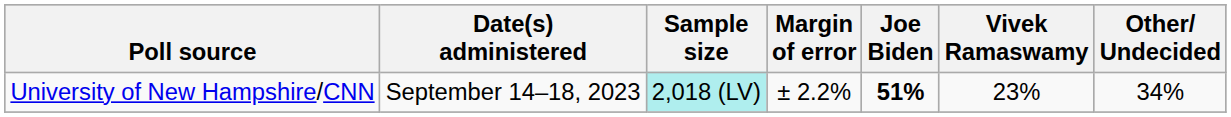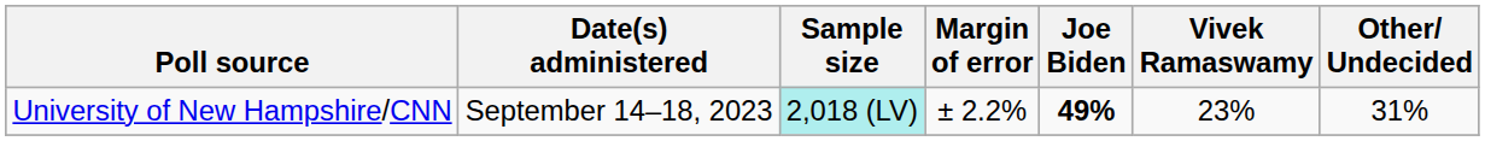 <table class="wikitable sortable mw-datatable" style="font-size:90%;text-align:center;line-height:17px">
 <tr valign=bottom>
 <th>Poll source</th>
 <th>Date(s)<br>administered</th>
 <th>Sample<br>size</th>
 <th>Margin<br>of error</th>
 <th class="unsortable">Joe<br>Biden<br></th>
 <th class="unsortable">Vivek<br>Ramaswamy<br></th>
 <th class="unsortable">Other/<br>Undecided</th>
 </tr>
 <tr>
 <td style="text-align:left;"><a href='#'>University of New Hampshire</a>/<a href='#'>CNN</a></td>
 <td data-sort-value="2021-12-12">September 14–18, 2023</td>
 <td style="background: paleturquoise;">2,018 (LV)</td>
 <td>± 2.2%</td>
-<td style="color:black;background-color:"><strong>51%</strong></td>
+<td style="color:black;background-color:"><strong>49%</strong></td>
 <td>23%</td>
-<td>34%</td>
+<td>31%</td>
 </tr>
 </table>
